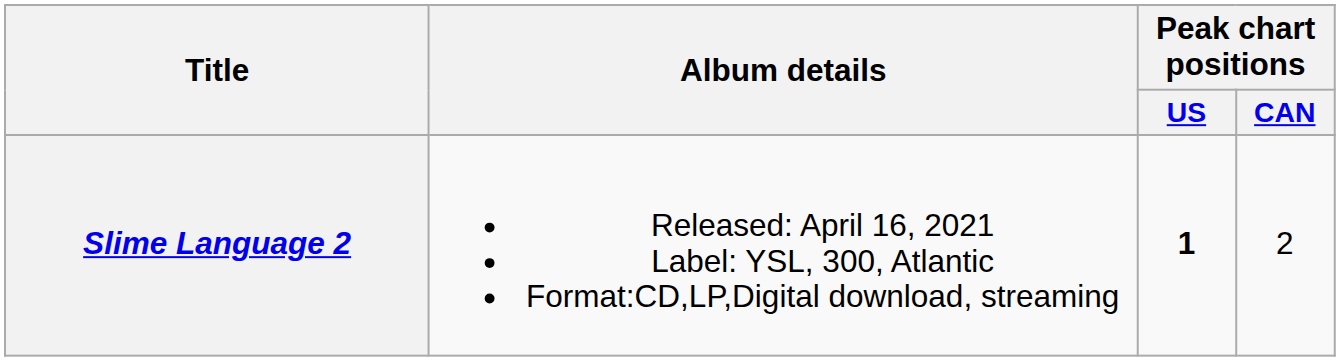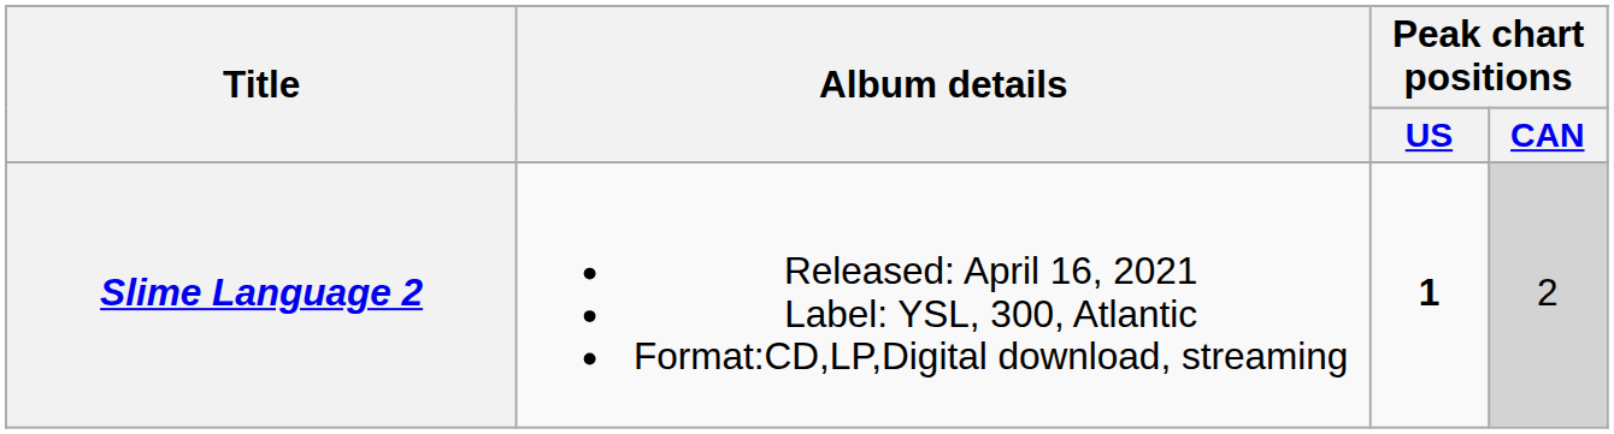 <table class="wikitable plainrowheaders" style="text-align:center;">
 <tr>
 <th rowspan="2" style="width:13em;">Title</th>
 <th rowspan="2" style="width:22em;">Album details</th>
 <th colspan="2">Peak chart positions</th>
 </tr>
 <tr>
 <th style="width:3em;font-size:90%;"><a href='#'>US</a><br></th>
 <th style="width:3em;font-size:90%;"><a href='#'>CAN</a><br></th>
 </tr>
 <tr>
 <th scope="row"><em><a href='#'>Slime Language 2</a></em><br></th>
 <td><br><ul><li>Released: April 16, 2021</li><li>Label: YSL, 300, Atlantic</li><li>Format:CD,LP,Digital download, streaming</li></ul></td>
 <td><strong>1</strong></td>
-<td>2</td>
+<td style="background: lightgrey;">2</td>
 </tr>
 </table>
